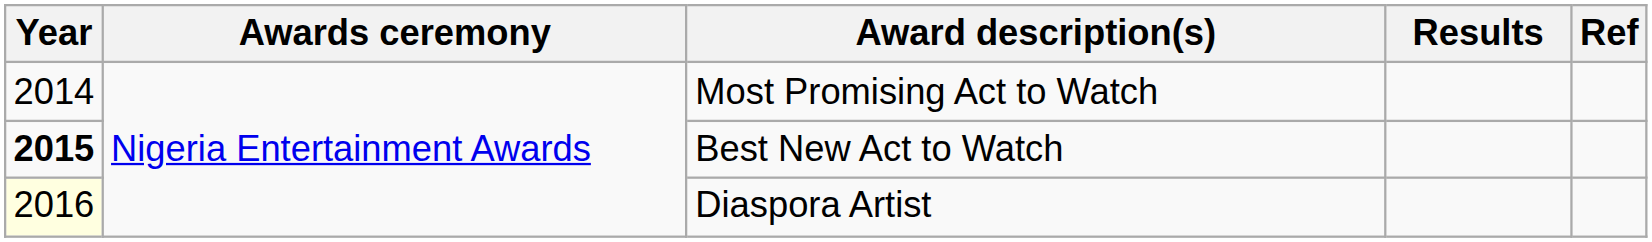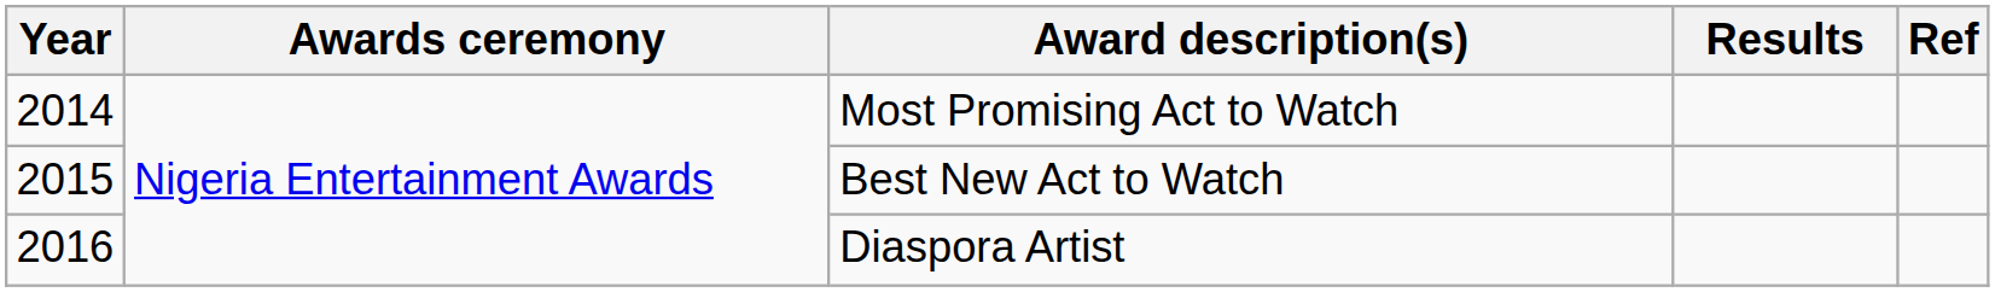 <table class="wikitable">
 <tr>
 <th>Year</th>
 <th width="250">Awards ceremony</th>
 <th width="300">Award description(s)</th>
 <th width="75">Results</th>
 <th width="5">Ref</th>
 </tr>
 <tr>
 <td>2014</td>
 <td rowspan="3"><a href='#'>Nigeria Entertainment Awards</a></td>
 <td>Most Promising Act to Watch</td>
 <td></td>
 <td></td>
 </tr>
 <tr>
-<td><strong>2015</strong></td>
+<td>2015</td>
 <td>Best New Act to Watch</td>
 <td></td>
 <td></td>
 </tr>
 <tr>
-<td style="background: lightyellow;">2016</td>
+<td>2016</td>
 <td>Diaspora Artist</td>
 <td></td>
 <td></td>
 </tr>
 </table>
